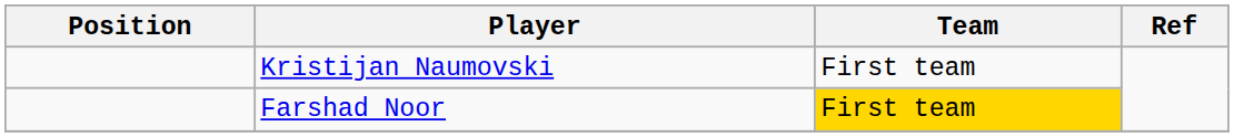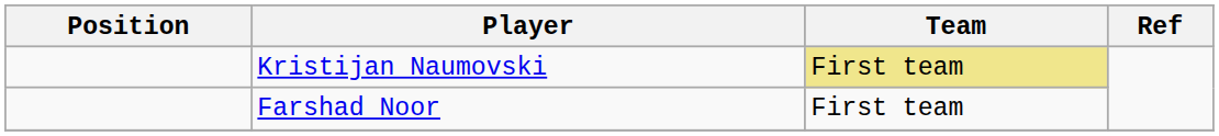 <table class="wikitable sortable" style="width:70%; text-align:center; font-size:100%; text-align:left;">
 <tr>
 <th>Position</th>
 <th>Player</th>
 <th>Team</th>
 <th>Ref</th>
 </tr>
 <tr>
 <td></td>
 <td> <a href='#'>Kristijan Naumovski</a></td>
-<td>First team</td>
+<td style="background: khaki;">First team</td>
 <td rowspan=2></td>
 </tr>
 <tr>
 <td></td>
 <td> <a href='#'>Farshad Noor</a></td>
-<td style="background: gold;">First team</td>
+<td>First team</td>
 </tr>
 <tr>
 </tr>
 </table>
